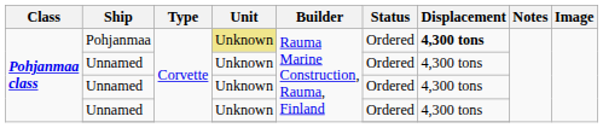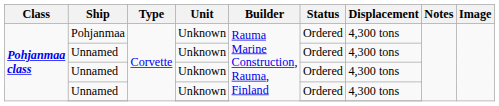 <table class="wikitable">
 <tr>
 <th>Class</th>
 <th>Ship</th>
 <th>Type</th>
 <th>Unit</th>
 <th>Builder</th>
 <th>Status</th>
 <th>Displacement</th>
 <th>Notes</th>
 <th>Image</th>
 </tr>
 <tr>
 <td rowspan="6"><a href='#'><strong><em>Pohjanmaa<em> class<strong></a></td>
 <td>Pohjanmaa</td>
 <td rowspan="6"><a href='#'>Corvette</a></td>
-<td style="background: khaki;"></em>Unknown<em></td>
+<td></em>Unknown<em></td>
 <td rowspan="6"><a href='#'>Rauma Marine Construction</a>, <a href='#'>Rauma</a>,  <a href='#'>Finland</a></td>
 <td>Ordered</td>
-<td><strong>4,300 tons</strong></td>
+<td>4,300 tons</td>
 <td rowspan="6"></td>
 <td rowspan="6"></td>
 </tr>
 <tr>
 <td></em>Unnamed<em></td>
 <td></em>Unknown<em></td>
 <td>Ordered</td>
 <td>4,300 tons</td>
 </tr>
 <tr>
 <td></em>Unnamed<em></td>
 <td></em>Unknown<em></td>
 <td>Ordered</td>
 <td>4,300 tons</td>
 </tr>
 <tr>
 <td></em>Unnamed<em></td>
 <td></em>Unknown<em></td>
 <td>Ordered</td>
 <td>4,300 tons</td>
 </tr>
 <tr>
 </tr>
 </table>
